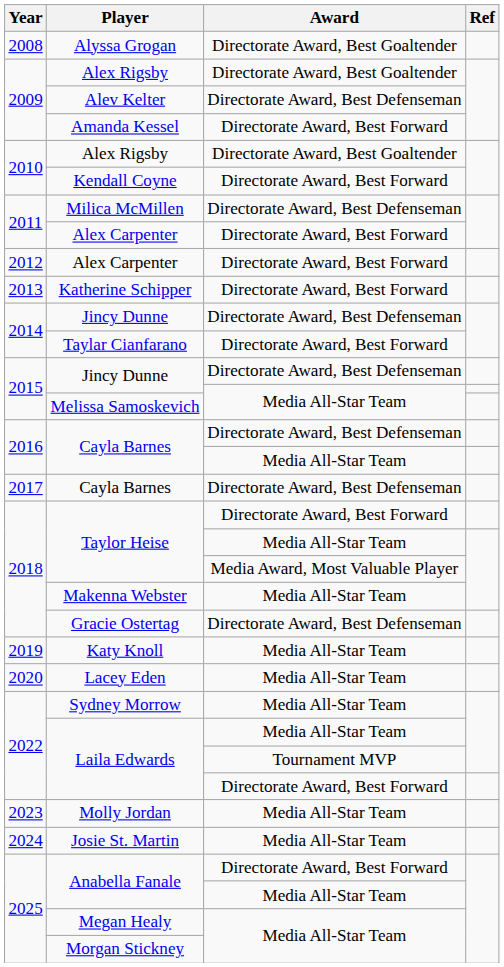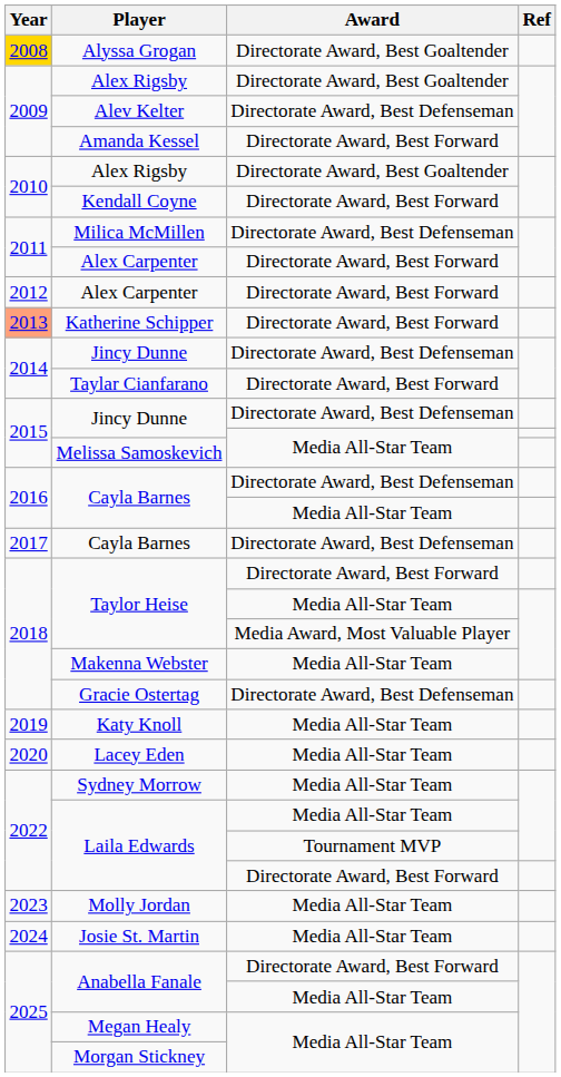 <table class="wikitable" style="font-size: 100%; text-align: center;">
 <tr>
 <th>Year</th>
 <th>Player</th>
 <th>Award</th>
 <th>Ref</th>
 </tr>
 <tr>
-<td><a href='#'>2008</a></td>
+<td style="background: gold;"><a href='#'>2008</a></td>
 <td><a href='#'>Alyssa Grogan</a></td>
 <td>Directorate Award, Best Goaltender</td>
 <td></td>
 </tr>
 <tr>
 <td rowspan=3><a href='#'>2009</a></td>
 <td><a href='#'>Alex Rigsby</a></td>
 <td>Directorate Award, Best Goaltender</td>
 <td rowspan=3></td>
 </tr>
 <tr>
 <td><a href='#'>Alev Kelter</a></td>
 <td>Directorate Award, Best Defenseman</td>
 </tr>
 <tr>
 <td><a href='#'>Amanda Kessel</a></td>
 <td>Directorate Award, Best Forward</td>
 </tr>
 <tr>
 <td rowspan=2><a href='#'>2010</a></td>
 <td>Alex Rigsby</td>
 <td>Directorate Award, Best Goaltender</td>
 <td rowspan=2></td>
 </tr>
 <tr>
 <td><a href='#'>Kendall Coyne</a></td>
 <td>Directorate Award, Best Forward</td>
 </tr>
 <tr>
 <td rowspan=2><a href='#'>2011</a></td>
 <td><a href='#'>Milica McMillen</a></td>
 <td>Directorate Award, Best Defenseman</td>
 <td rowspan=2></td>
 </tr>
 <tr>
 <td><a href='#'>Alex Carpenter</a></td>
 <td>Directorate Award, Best Forward</td>
 </tr>
 <tr>
 <td><a href='#'>2012</a></td>
 <td>Alex Carpenter</td>
 <td>Directorate Award, Best Forward</td>
 <td></td>
 </tr>
 <tr>
-<td><a href='#'>2013</a></td>
+<td style="background: lightsalmon;"><a href='#'>2013</a></td>
 <td><a href='#'>Katherine Schipper</a></td>
 <td>Directorate Award, Best Forward</td>
 <td></td>
 </tr>
 <tr>
 <td rowspan=2><a href='#'>2014</a></td>
 <td><a href='#'>Jincy Dunne</a></td>
 <td>Directorate Award, Best Defenseman</td>
 <td rowspan=2></td>
 </tr>
 <tr>
 <td><a href='#'>Taylar Cianfarano</a></td>
 <td>Directorate Award, Best Forward</td>
 </tr>
 <tr>
 <td rowspan=3><a href='#'>2015</a></td>
 <td rowspan=2>Jincy Dunne</td>
 <td>Directorate Award, Best Defenseman</td>
 <td></td>
 </tr>
 <tr>
 <td rowspan=2>Media All-Star Team</td>
 <td></td>
 </tr>
 <tr>
 <td><a href='#'>Melissa Samoskevich</a></td>
 <td></td>
 </tr>
 <tr>
 <td rowspan=2><a href='#'>2016</a></td>
 <td rowspan=2><a href='#'>Cayla Barnes</a></td>
 <td>Directorate Award, Best Defenseman</td>
 <td></td>
 </tr>
 <tr>
 <td>Media All-Star Team</td>
 <td></td>
 </tr>
 <tr>
 <td><a href='#'>2017</a></td>
 <td>Cayla Barnes</td>
 <td>Directorate Award, Best Defenseman</td>
 <td></td>
 </tr>
 <tr>
 <td rowspan=5><a href='#'>2018</a></td>
 <td rowspan=3><a href='#'>Taylor Heise</a></td>
 <td>Directorate Award, Best Forward</td>
 <td></td>
 </tr>
 <tr>
 <td>Media All-Star Team</td>
 <td rowspan=3></td>
 </tr>
 <tr>
 <td>Media Award, Most Valuable Player</td>
 </tr>
 <tr>
 <td><a href='#'>Makenna Webster</a></td>
 <td>Media All-Star Team</td>
 </tr>
 <tr>
 <td><a href='#'>Gracie Ostertag</a></td>
 <td>Directorate Award, Best Defenseman</td>
 <td></td>
 </tr>
 <tr>
 <td><a href='#'>2019</a></td>
 <td><a href='#'>Katy Knoll</a></td>
 <td>Media All-Star Team</td>
 <td></td>
 </tr>
 <tr>
 <td><a href='#'>2020</a></td>
 <td><a href='#'>Lacey Eden</a></td>
 <td>Media All-Star Team</td>
 <td></td>
 </tr>
 <tr>
 <td rowspan=4><a href='#'>2022</a></td>
 <td><a href='#'>Sydney Morrow</a></td>
 <td>Media All-Star Team</td>
 <td rowspan=3></td>
 </tr>
 <tr>
 <td rowspan=3><a href='#'>Laila Edwards</a></td>
 <td>Media All-Star Team</td>
 </tr>
 <tr>
 <td>Tournament MVP</td>
 </tr>
 <tr>
 <td>Directorate Award, Best Forward</td>
 <td></td>
 </tr>
 <tr>
 <td><a href='#'>2023</a></td>
 <td><a href='#'>Molly Jordan</a></td>
 <td>Media All-Star Team</td>
 <td></td>
 </tr>
 <tr>
 <td><a href='#'>2024</a></td>
 <td><a href='#'>Josie St. Martin</a></td>
 <td>Media All-Star Team</td>
 <td></td>
 </tr>
 <tr>
 <td rowspan="4"><a href='#'>2025</a></td>
 <td rowspan="2"><a href='#'>Anabella Fanale</a></td>
 <td>Directorate Award, Best Forward</td>
 <td rowspan="4"></td>
 </tr>
 <tr>
 <td>Media All-Star Team</td>
 </tr>
 <tr>
 <td><a href='#'>Megan Healy</a></td>
 <td rowspan="2">Media All-Star Team</td>
 </tr>
 <tr>
 <td><a href='#'>Morgan Stickney</a></td>
 </tr>
 </table>
